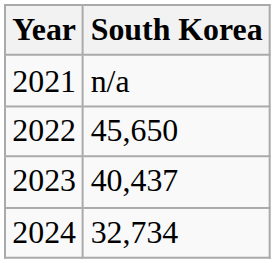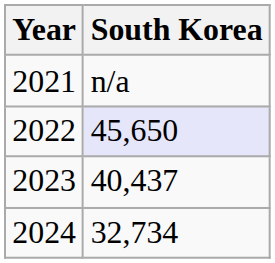 <table class="wikitable">
 <tr>
 <th>Year</th>
 <th>South Korea</th>
 </tr>
 <tr>
 <td>2021</td>
 <td>n/a</td>
 </tr>
 <tr>
 <td>2022</td>
-<td>45,650</td>
+<td style="background: lavender;">45,650</td>
 </tr>
 <tr>
 <td>2023</td>
 <td>40,437</td>
 </tr>
 <tr>
 <td>2024</td>
 <td>32,734</td>
 </tr>
 </table>
